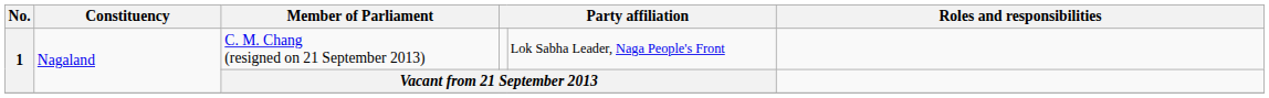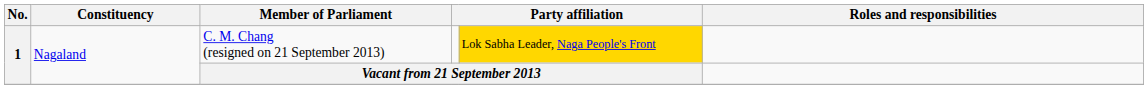 <table class="wikitable">
 <tr style="text-align:center;">
 <th>No.</th>
 <th style="width:12em">Constituency</th>
 <th style="width:18em">Member of Parliament</th>
 <th colspan="2" style="width:18em">Party affiliation</th>
 <th style="width:32em">Roles and responsibilities</th>
 </tr>
 <tr>
 <th rowspan="2">1</th>
 <td rowspan="2"><a href='#'>Nagaland</a></td>
 <td><a href='#'>C. M. Chang</a><br>(resigned on 21 September 2013)</td>
 <td></td>
-<td style="font-size:90%">Lok Sabha Leader, <a href='#'>Naga People's Front</a></td>
+<td style="background: gold; font-size:90%">Lok Sabha Leader, <a href='#'>Naga People's Front</a></td>
 </tr>
 <tr>
 <th colspan="3"><em>Vacant from 21 September 2013</em></th>
 <td></td>
 </tr>
 <tr>
 </tr>
 </table>
